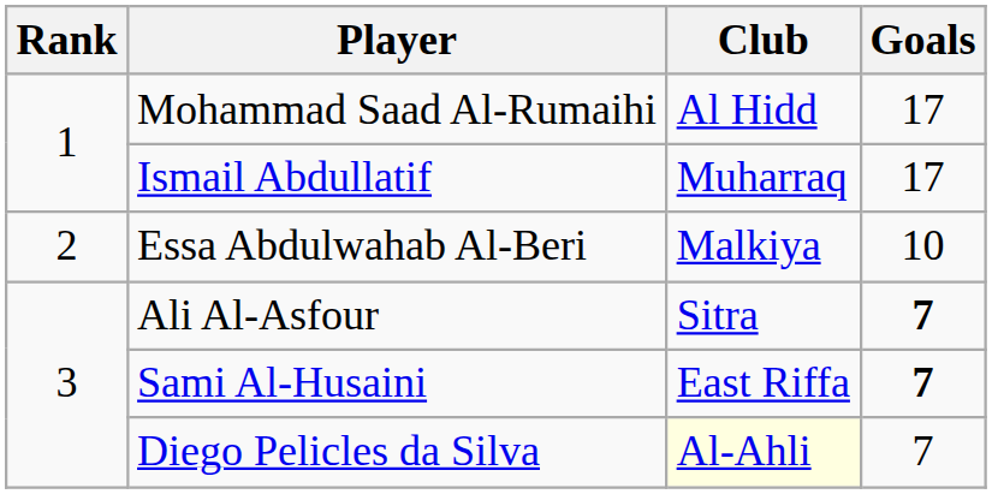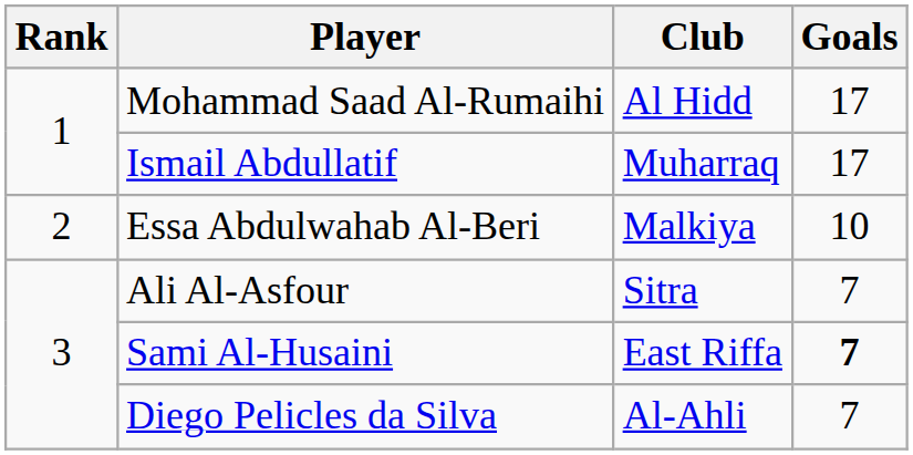 <table class="wikitable" style="text-align:center">
 <tr>
 <th>Rank</th>
 <th>Player</th>
 <th>Club</th>
 <th>Goals</th>
 </tr>
 <tr>
 <td rowspan="2">1</td>
 <td align="left"> Mohammad Saad Al-Rumaihi</td>
 <td align="left"><a href='#'>Al Hidd</a></td>
 <td>17</td>
 </tr>
 <tr>
 <td align="left"> <a href='#'>Ismail Abdullatif</a></td>
 <td align="left"><a href='#'>Muharraq</a></td>
 <td>17</td>
 </tr>
 <tr>
 <td>2</td>
 <td align="left"> Essa Abdulwahab Al-Beri</td>
 <td align="left"><a href='#'>Malkiya</a></td>
 <td>10</td>
 </tr>
 <tr>
 <td rowspan="3">3</td>
 <td align="left"> Ali Al-Asfour</td>
 <td align="left"><a href='#'>Sitra</a></td>
-<td><strong>7</strong></td>
+<td>7</td>
 </tr>
 <tr>
 <td align="left"> <a href='#'>Sami Al-Husaini</a></td>
 <td align="left"><a href='#'>East Riffa</a></td>
 <td><strong>7</strong></td>
 </tr>
 <tr>
 <td align="left"> <a href='#'>Diego Pelicles da Silva</a></td>
-<td align="left" style="background: lightyellow;"><a href='#'>Al-Ahli</a></td>
+<td align="left"><a href='#'>Al-Ahli</a></td>
 <td>7</td>
 </tr>
 </table>
